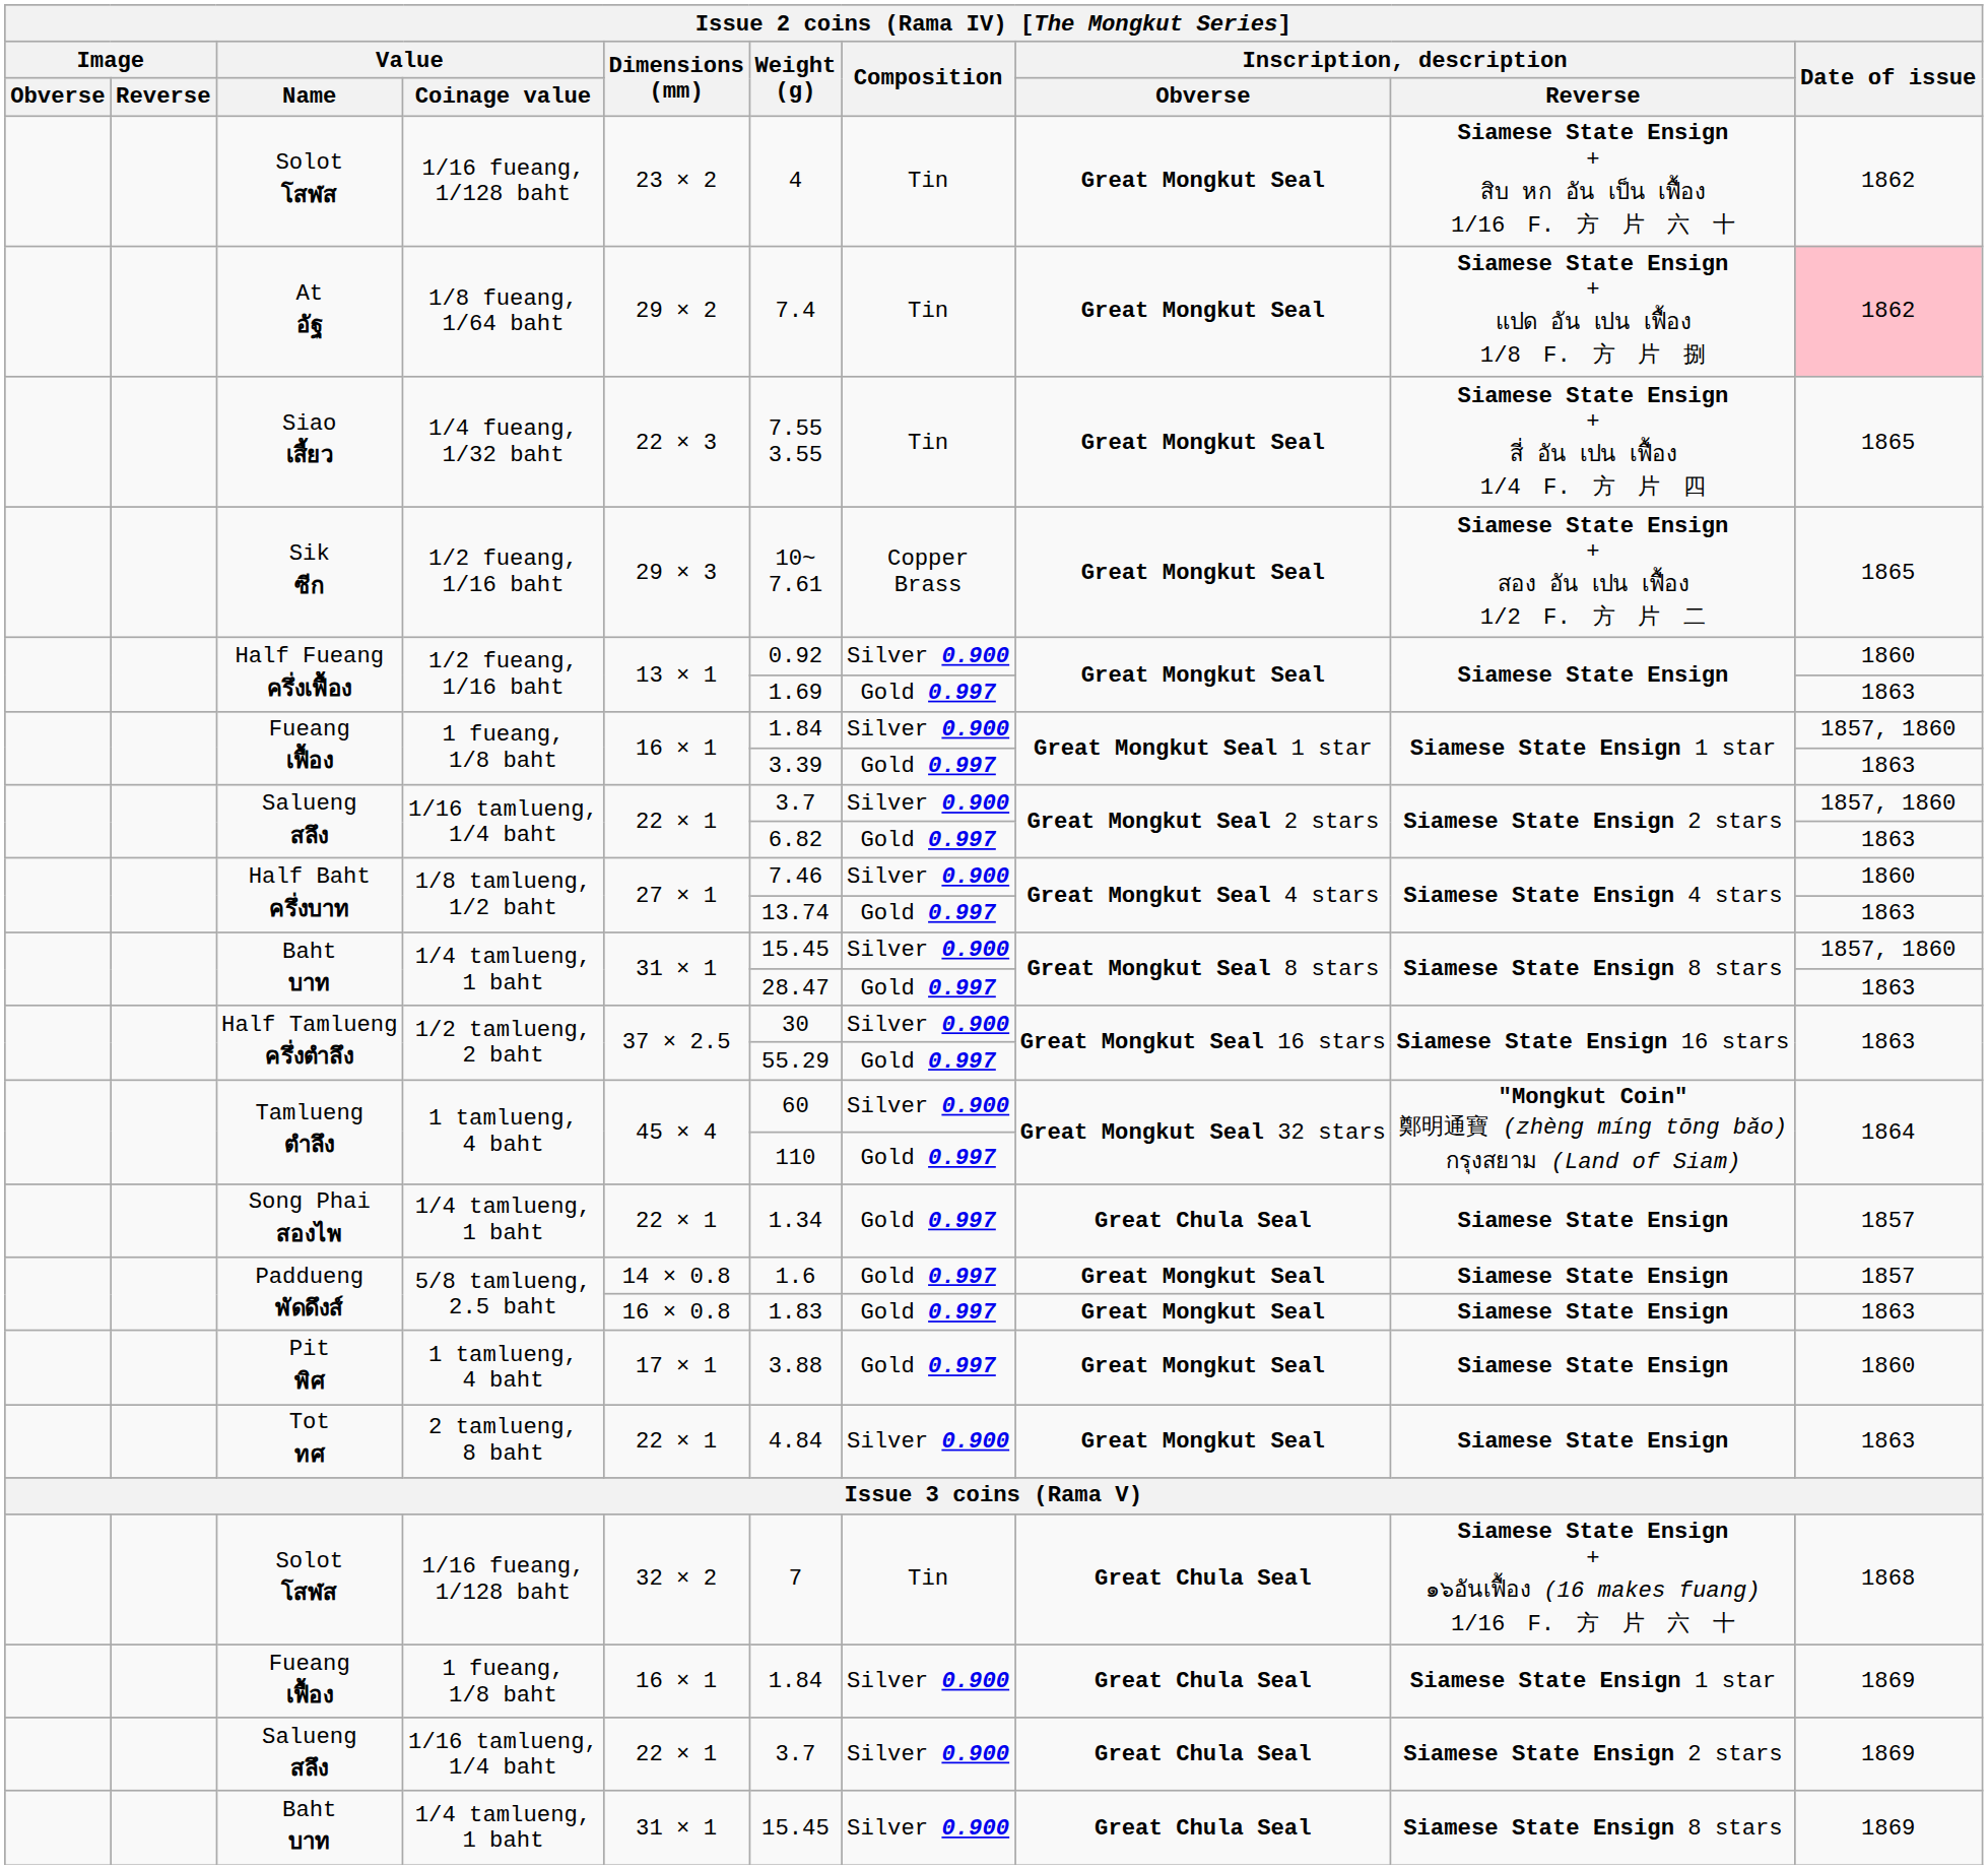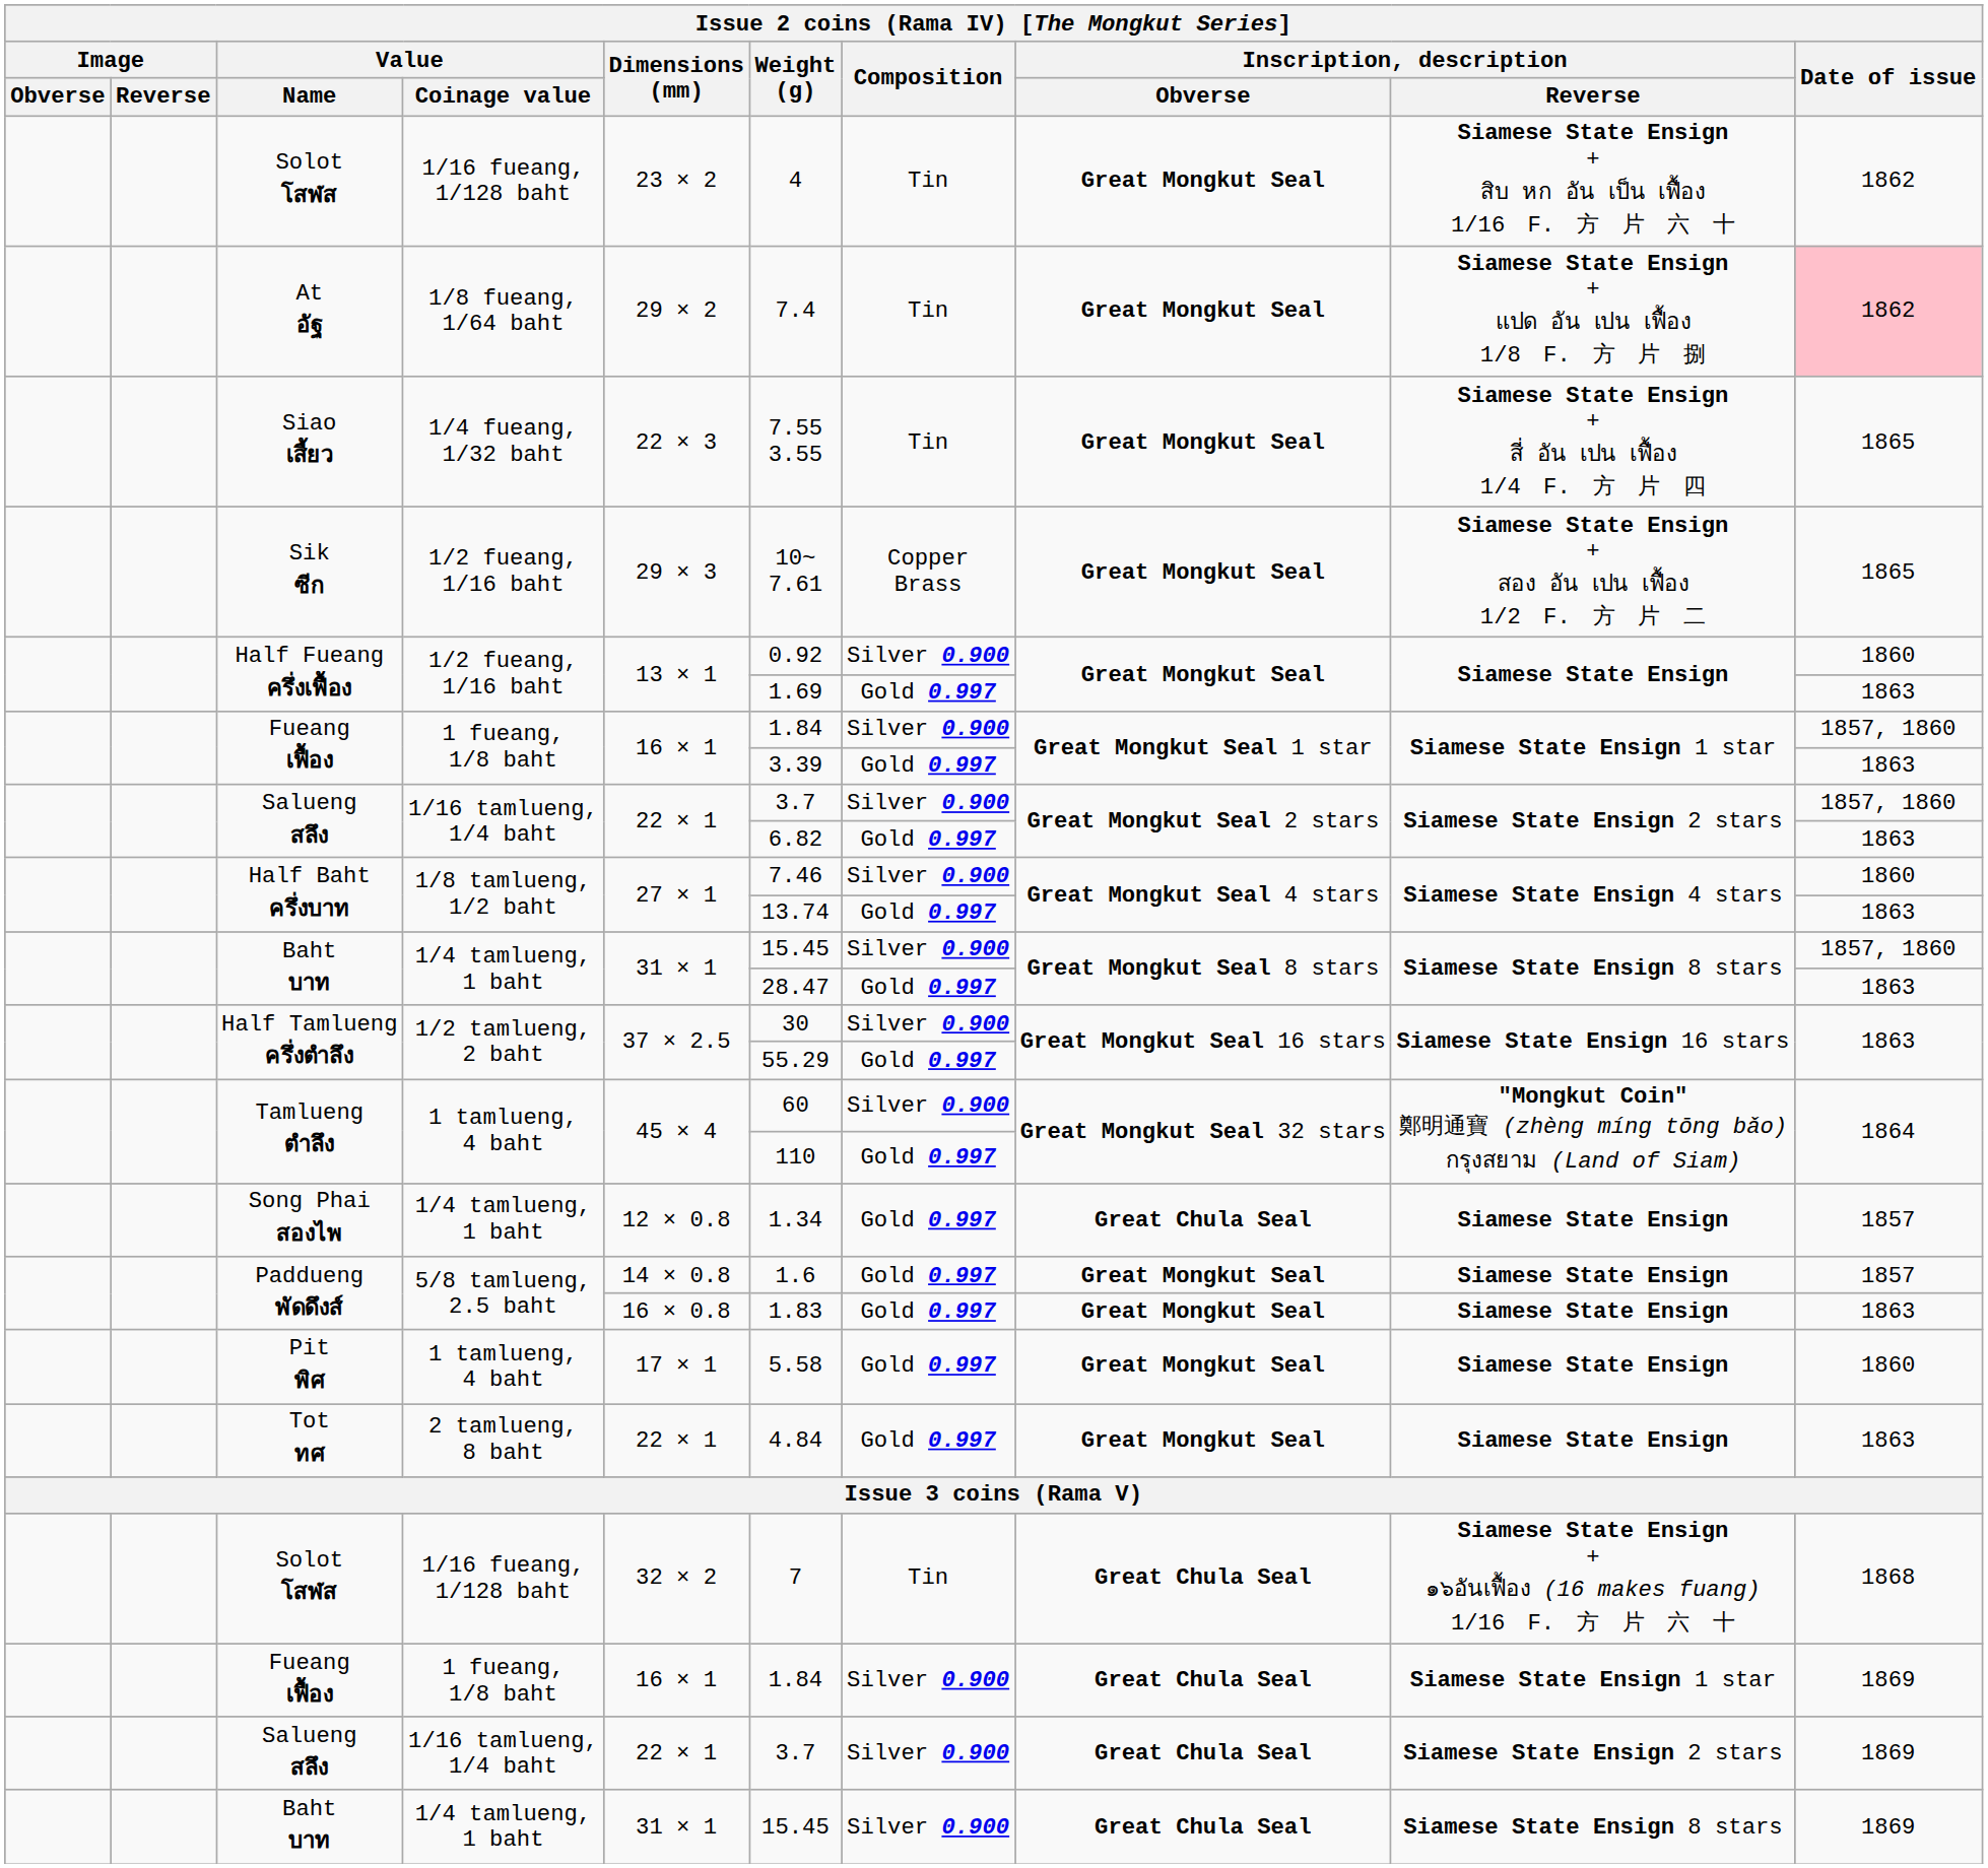 <table class="wikitable" style="text-align: center">
 <tr>
 <th colspan="10">Issue 2 coins (Rama IV) [<em>The Mongkut Series</em>]</th>
 </tr>
 <tr>
 <th colspan="2">Image</th>
 <th colspan="2">Value</th>
 <th rowspan="2">Dimensions<br>(mm)</th>
 <th rowspan="2">Weight<br>(g)</th>
 <th rowspan="2">Composition</th>
 <th colspan="2">Inscription, description</th>
 <th rowspan="2">Date of issue</th>
 </tr>
 <tr>
 <th>Obverse</th>
 <th>Reverse</th>
 <th>Name</th>
 <th>Coinage value</th>
 <th>Obverse</th>
 <th>Reverse</th>
 </tr>
 <tr>
 <td></td>
 <td></td>
 <td>Solot<br><strong>โสฬส</strong></td>
 <td>1/16 fueang,<br>1/128 baht</td>
 <td>23 × 2</td>
 <td>4</td>
 <td>Tin</td>
 <td><strong>Great Mongkut Seal</strong></td>
 <td><strong>Siamese State Ensign</strong><br>+<br>สิบ หก อัน เป็น เฟื้อง<br>1/16　F.　方　片　六　十</td>
 <td>1862</td>
 </tr>
 <tr>
 <td></td>
 <td></td>
 <td>At<br><strong>อัฐ</strong></td>
 <td>1/8 fueang,<br>1/64 baht</td>
 <td>29 × 2</td>
 <td>7.4</td>
 <td>Tin</td>
 <td><strong>Great Mongkut Seal</strong></td>
 <td><strong>Siamese State Ensign</strong><br>+<br>แปด อัน เปน เฟื้อง<br>1/8　F.　方　片　捌</td>
 <td style="background: pink;">1862</td>
 </tr>
 <tr>
 <td></td>
 <td></td>
 <td>Siao<br><strong>เสี้ยว</strong></td>
 <td>1/4 fueang,<br>1/32 baht</td>
 <td>22 × 3</td>
 <td>7.55<br>3.55</td>
 <td>Tin</td>
 <td><strong>Great Mongkut Seal</strong></td>
 <td><strong>Siamese State Ensign</strong><br>+<br>สี่ อัน เปน เฟื้อง<br>1/4　F.　方　片　四</td>
 <td>1865</td>
 </tr>
 <tr>
 <td></td>
 <td></td>
 <td>Sik<br><strong>ซีก</strong></td>
 <td>1/2 fueang,<br>1/16 baht</td>
 <td>29 × 3</td>
 <td>10~<br>7.61</td>
 <td>Copper<br>Brass</td>
 <td><strong>Great Mongkut Seal</strong></td>
 <td><strong>Siamese State Ensign</strong><br>+<br>สอง อัน เปน เฟื้อง<br>1/2　F.　方　片　二</td>
 <td>1865</td>
 </tr>
 <tr>
 <td rowspan="2"></td>
 <td rowspan="2"></td>
 <td rowspan="2">Half Fueang<br><strong>ครึ่งเฟื้อง</strong></td>
 <td rowspan="2">1/2 fueang,<br>1/16 baht</td>
 <td rowspan="2">13 × 1</td>
 <td>0.92</td>
 <td>Silver <strong><em><a href='#'>0.900</a></em></strong></td>
 <td rowspan="2"><strong>Great Mongkut Seal</strong></td>
 <td rowspan="2"><strong>Siamese State Ensign</strong></td>
 <td>1860</td>
 </tr>
 <tr>
 <td>1.69</td>
 <td>Gold <strong><em><a href='#'>0.997</a></em></strong></td>
 <td>1863</td>
 </tr>
 <tr>
 <td rowspan="2"></td>
 <td rowspan="2"></td>
 <td rowspan="2">Fueang<br><strong>เฟื้อง</strong></td>
 <td rowspan="2">1 fueang,<br>1/8 baht</td>
 <td rowspan="2">16 × 1</td>
 <td>1.84</td>
 <td>Silver <strong><em><a href='#'>0.900</a></em></strong></td>
 <td rowspan="2"><strong>Great Mongkut Seal</strong> 1 star</td>
 <td rowspan="2"><strong>Siamese State Ensign</strong> 1 star</td>
 <td>1857, 1860</td>
 </tr>
 <tr>
 <td>3.39</td>
 <td>Gold <strong><em><a href='#'>0.997</a></em></strong></td>
 <td>1863</td>
 </tr>
 <tr>
 <td rowspan="2"></td>
 <td rowspan="2"></td>
 <td rowspan="2">Salueng<br><strong>สลึง</strong></td>
 <td rowspan="2">1/16 tamlueng,<br>1/4 baht</td>
 <td rowspan="2">22 × 1</td>
 <td>3.7</td>
 <td>Silver <strong><em><a href='#'>0.900</a></em></strong></td>
 <td rowspan="2"><strong>Great Mongkut Seal</strong> 2 stars</td>
 <td rowspan="2"><strong>Siamese State Ensign</strong> 2 stars</td>
 <td>1857, 1860</td>
 </tr>
 <tr>
 <td>6.82</td>
 <td>Gold <strong><em><a href='#'>0.997</a></em></strong></td>
 <td>1863</td>
 </tr>
 <tr>
 <td rowspan="2"></td>
 <td rowspan="2"></td>
 <td rowspan="2">Half Baht<br><strong>ครึ่งบาท</strong></td>
 <td rowspan="2">1/8 tamlueng,<br>1/2 baht</td>
 <td rowspan="2">27 × 1</td>
 <td>7.46</td>
 <td>Silver <strong><em><a href='#'>0.900</a></em></strong></td>
 <td rowspan="2"><strong>Great Mongkut Seal</strong> 4 stars</td>
 <td rowspan="2"><strong>Siamese State Ensign</strong> 4 stars</td>
 <td>1860</td>
 </tr>
 <tr>
 <td>13.74</td>
 <td>Gold <strong><em><a href='#'>0.997</a></em></strong></td>
 <td>1863</td>
 </tr>
 <tr>
 <td rowspan="2"></td>
 <td rowspan="2"></td>
 <td rowspan="2">Baht<br><strong>บาท</strong></td>
 <td rowspan="2">1/4 tamlueng,<br>1 baht</td>
 <td rowspan="2">31 × 1</td>
 <td>15.45</td>
 <td>Silver <strong><em><a href='#'>0.900</a></em></strong></td>
 <td rowspan="2"><strong>Great Mongkut Seal</strong> 8 stars</td>
 <td rowspan="2"><strong>Siamese State Ensign</strong> 8 stars</td>
 <td>1857, 1860</td>
 </tr>
 <tr>
 <td>28.47</td>
 <td>Gold <strong><em><a href='#'>0.997</a></em></strong></td>
 <td>1863</td>
 </tr>
 <tr>
 <td rowspan="2"></td>
 <td rowspan="2"></td>
 <td rowspan="2">Half Tamlueng<br><strong>ครึ่งตำลึง</strong></td>
 <td rowspan="2">1/2 tamlueng,<br>2 baht</td>
 <td rowspan="2">37 × 2.5</td>
 <td>30</td>
 <td>Silver <strong><em><a href='#'>0.900</a></em></strong></td>
 <td rowspan="2"><strong>Great Mongkut Seal</strong> 16 stars</td>
 <td rowspan="2"><strong>Siamese State Ensign</strong> 16 stars</td>
 <td rowspan="2">1863</td>
 </tr>
 <tr>
 <td>55.29</td>
 <td>Gold <strong><em><a href='#'>0.997</a></em></strong></td>
 </tr>
 <tr>
 <td rowspan="2"></td>
 <td rowspan="2"></td>
 <td rowspan="2">Tamlueng<br><strong>ตำลึง</strong></td>
 <td rowspan="2">1 tamlueng,<br>4 baht</td>
 <td rowspan="2">45 × 4</td>
 <td>60</td>
 <td>Silver <strong><em><a href='#'>0.900</a></em></strong></td>
 <td rowspan="2"><strong>Great Mongkut Seal</strong> 32 stars</td>
 <td rowspan="2"><strong>"Mongkut Coin"</strong><br>鄭明通寶 <em>(zhèng míng tōng bǎo)</em><br>กรุงสยาม <em>(Land of Siam)</em></td>
 <td rowspan="2">1864</td>
 </tr>
 <tr>
 <td>110</td>
 <td>Gold <strong><em><a href='#'>0.997</a></em></strong></td>
 </tr>
 <tr>
 <td></td>
 <td></td>
 <td>Song Phai<br><strong>สองไพ</strong></td>
 <td>1/4 tamlueng,<br>1 baht</td>
-<td>22 × 1</td>
+<td>12 × 0.8</td>
 <td>1.34</td>
 <td>Gold <strong><em><a href='#'>0.997</a></em></strong></td>
 <td><strong>Great Chula Seal</strong></td>
 <td><strong>Siamese State Ensign</strong></td>
 <td>1857</td>
 </tr>
 <tr>
 <td rowspan="2"></td>
 <td rowspan="2"></td>
 <td rowspan="2">Paddueng<br><strong>พัดดึงส์</strong></td>
 <td rowspan="2">5/8 tamlueng,<br>2.5 baht</td>
 <td>14 × 0.8</td>
 <td>1.6</td>
 <td>Gold <strong><em><a href='#'>0.997</a></em></strong></td>
 <td><strong>Great Mongkut Seal</strong></td>
 <td><strong>Siamese State Ensign</strong></td>
 <td>1857</td>
 </tr>
 <tr>
 <td>16 × 0.8</td>
 <td>1.83</td>
 <td>Gold <strong><em><a href='#'>0.997</a></em></strong></td>
 <td><strong>Great Mongkut Seal</strong></td>
 <td><strong>Siamese State Ensign</strong></td>
 <td>1863</td>
 </tr>
 <tr>
 <td></td>
 <td></td>
 <td>Pit<br><strong>พิศ</strong></td>
 <td>1 tamlueng,<br>4 baht</td>
 <td>17 × 1</td>
-<td>3.88</td>
+<td>5.58</td>
 <td>Gold <strong><em><a href='#'>0.997</a></em></strong></td>
 <td><strong>Great Mongkut Seal</strong></td>
 <td><strong>Siamese State Ensign</strong></td>
 <td>1860</td>
 </tr>
 <tr>
 <td></td>
 <td></td>
 <td>Tot<br><strong>ทศ</strong></td>
 <td>2 tamlueng,<br>8 baht</td>
 <td>22 × 1</td>
 <td>4.84</td>
-<td>Silver <strong><em><a href='#'>0.900</a></em></strong></td>
+<td>Gold <strong><em><a href='#'>0.997</a></em></strong></td>
 <td><strong>Great Mongkut Seal</strong></td>
 <td><strong>Siamese State Ensign</strong></td>
 <td>1863</td>
 </tr>
 <tr>
 <th colspan="10">Issue 3 coins (Rama V)</th>
 </tr>
 <tr>
 <td></td>
 <td></td>
 <td>Solot<br><strong>โสฬส</strong></td>
 <td>1/16 fueang,<br>1/128 baht</td>
 <td>32 × 2</td>
 <td>7</td>
 <td>Tin</td>
 <td><strong>Great Chula Seal</strong></td>
 <td><strong>Siamese State Ensign</strong><br>+<br>๑๖อันเฟื้อง <em>(16 makes fuang)</em><br>1/16　F.　方　片　六　十</td>
 <td>1868</td>
 </tr>
 <tr>
 <td></td>
 <td></td>
 <td>Fueang<br><strong>เฟื้อง</strong></td>
 <td>1 fueang,<br>1/8 baht</td>
 <td>16 × 1</td>
 <td>1.84</td>
 <td>Silver <strong><em><a href='#'>0.900</a></em></strong></td>
 <td><strong>Great Chula Seal</strong></td>
 <td><strong>Siamese State Ensign</strong> 1 star</td>
 <td>1869</td>
 </tr>
 <tr>
 <td></td>
 <td></td>
 <td>Salueng<br><strong>สลึง</strong></td>
 <td>1/16 tamlueng,<br>1/4 baht</td>
 <td>22 × 1</td>
 <td>3.7</td>
 <td>Silver <strong><em><a href='#'>0.900</a></em></strong></td>
 <td><strong>Great Chula Seal</strong></td>
 <td><strong>Siamese State Ensign</strong> 2 stars</td>
 <td>1869</td>
 </tr>
 <tr>
 <td></td>
 <td></td>
 <td>Baht<br><strong>บาท</strong></td>
 <td>1/4 tamlueng,<br>1 baht</td>
 <td>31 × 1</td>
 <td>15.45</td>
 <td>Silver <strong><em><a href='#'>0.900</a></em></strong></td>
 <td><strong>Great Chula Seal</strong></td>
 <td><strong>Siamese State Ensign</strong> 8 stars</td>
 <td>1869</td>
 </tr>
 </table>
